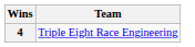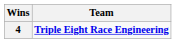 <table class="wikitable" style="font-size: 95%;">
 <tr>
 <th>Wins</th>
 <th>Team</th>
 </tr>
 <tr>
 <th>4</th>
-<td><a href='#'>Triple Eight Race Engineering</a></td>
+<td><strong><a href='#'>Triple Eight Race Engineering</a></strong></td>
 </tr>
 </table>
